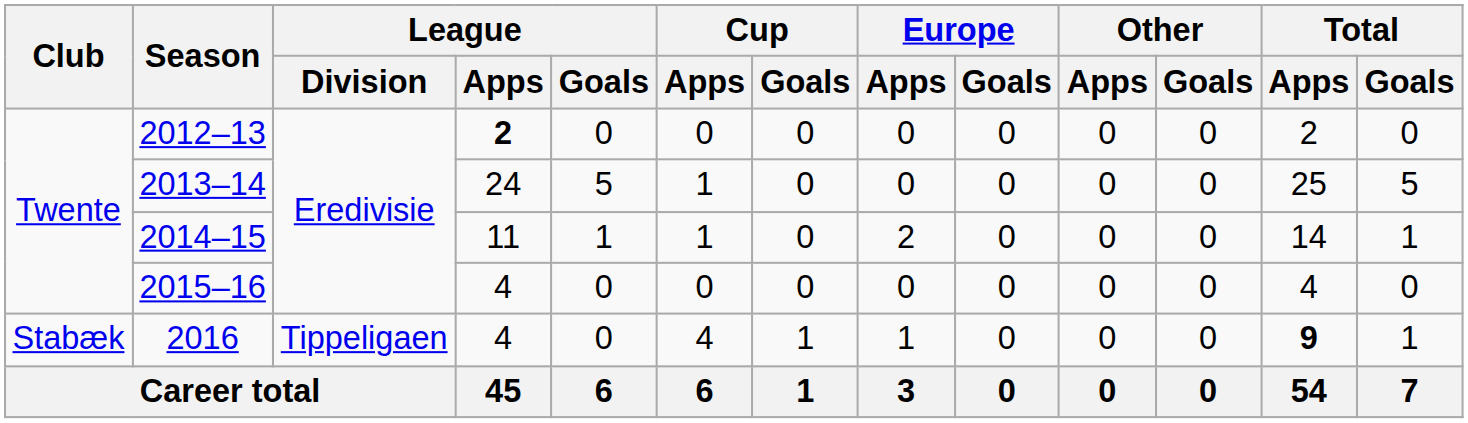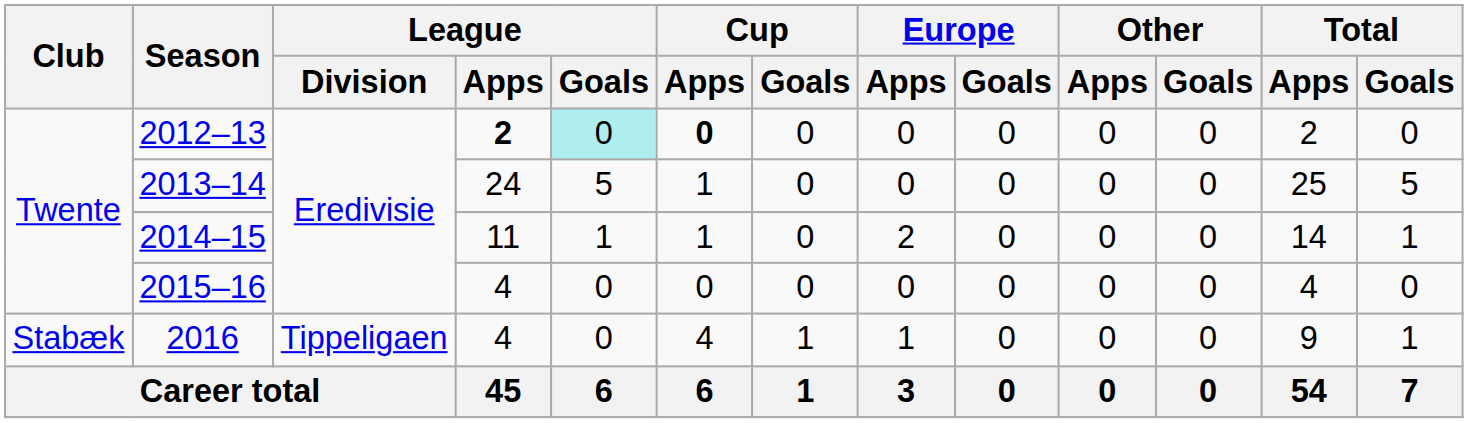 <table class="wikitable" style="text-align:center;">
 <tr>
 <th rowspan="2">Club</th>
 <th rowspan="2">Season</th>
 <th colspan="3">League</th>
 <th colspan="2">Cup</th>
 <th colspan="2"><a href='#'>Europe</a></th>
 <th colspan="2">Other</th>
 <th colspan="2">Total</th>
 </tr>
 <tr>
 <th>Division</th>
 <th>Apps</th>
 <th>Goals</th>
 <th>Apps</th>
 <th>Goals</th>
 <th>Apps</th>
 <th>Goals</th>
 <th>Apps</th>
 <th>Goals</th>
 <th>Apps</th>
 <th>Goals</th>
 </tr>
 <tr>
 <td rowspan="4"><a href='#'>Twente</a></td>
 <td><a href='#'>2012–13</a></td>
 <td rowspan="4"><a href='#'>Eredivisie</a></td>
 <td><strong>2</strong></td>
-<td>0</td>
-<td>0</td>
+<td style="background: paleturquoise;">0</td>
+<td><strong>0</strong></td>
 <td>0</td>
 <td>0</td>
 <td>0</td>
 <td>0</td>
 <td>0</td>
 <td>2</td>
 <td>0</td>
 </tr>
 <tr>
 <td><a href='#'>2013–14</a></td>
 <td>24</td>
 <td>5</td>
 <td>1</td>
 <td>0</td>
 <td>0</td>
 <td>0</td>
 <td>0</td>
 <td>0</td>
 <td>25</td>
 <td>5</td>
 </tr>
 <tr>
 <td><a href='#'>2014–15</a></td>
 <td>11</td>
 <td>1</td>
 <td>1</td>
 <td>0</td>
 <td>2</td>
 <td>0</td>
 <td>0</td>
 <td>0</td>
 <td>14</td>
 <td>1</td>
 </tr>
 <tr>
 <td><a href='#'>2015–16</a></td>
 <td>4</td>
 <td>0</td>
 <td>0</td>
 <td>0</td>
 <td>0</td>
 <td>0</td>
 <td>0</td>
 <td>0</td>
 <td>4</td>
 <td>0</td>
 </tr>
 <tr>
 <td rowspan="1"><a href='#'>Stabæk</a></td>
 <td><a href='#'>2016</a></td>
 <td rowspan="1"><a href='#'>Tippeligaen</a></td>
 <td>4</td>
 <td>0</td>
 <td>4</td>
 <td>1</td>
 <td>1</td>
 <td>0</td>
 <td>0</td>
 <td>0</td>
-<td><strong>9</strong></td>
+<td>9</td>
 <td>1</td>
 </tr>
 <tr>
 <th colspan="3">Career total</th>
 <th>45</th>
 <th>6</th>
 <th>6</th>
 <th>1</th>
 <th>3</th>
 <th>0</th>
 <th>0</th>
 <th>0</th>
 <th>54</th>
 <th>7</th>
 </tr>
 </table>
